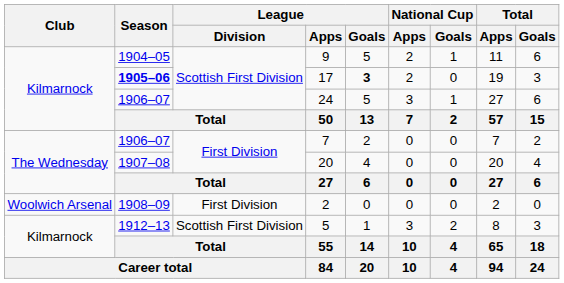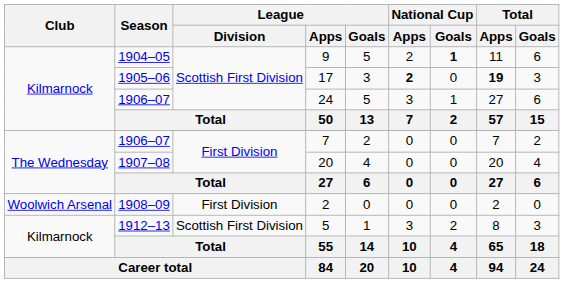 <table class="wikitable" style="text-align: center;">
 <tr>
 <th rowspan="2">Club</th>
 <th rowspan="2">Season</th>
 <th colspan="3">League</th>
 <th colspan="2">National Cup</th>
 <th colspan="2">Total</th>
 </tr>
 <tr>
 <th>Division</th>
 <th>Apps</th>
 <th>Goals</th>
 <th>Apps</th>
 <th>Goals</th>
 <th>Apps</th>
 <th>Goals</th>
 </tr>
 <tr>
 <td rowspan="4"><a href='#'>Kilmarnock</a></td>
 <td><a href='#'>1904–05</a></td>
 <td rowspan="3"><a href='#'>Scottish First Division</a></td>
 <td>9</td>
 <td>5</td>
 <td>2</td>
-<td>1</td>
+<td><strong>1</strong></td>
 <td>11</td>
 <td>6</td>
 </tr>
 <tr>
-<td><strong><a href='#'>1905–06</a></strong></td>
+<td><a href='#'>1905–06</a></td>
 <td>17</td>
-<td><strong>3</strong></td>
-<td>2</td>
+<td>3</td>
+<td><strong>2</strong></td>
 <td>0</td>
-<td>19</td>
+<td><strong>19</strong></td>
 <td>3</td>
 </tr>
 <tr>
 <td><a href='#'>1906–07</a></td>
 <td>24</td>
 <td>5</td>
 <td>3</td>
 <td>1</td>
 <td>27</td>
 <td>6</td>
 </tr>
 <tr>
 <th colspan="2">Total</th>
 <th>50</th>
 <th>13</th>
 <th>7</th>
 <th>2</th>
 <th>57</th>
 <th>15</th>
 </tr>
 <tr>
 <td rowspan="3"><a href='#'>The Wednesday</a></td>
 <td><a href='#'>1906–07</a></td>
 <td rowspan="2"><a href='#'>First Division</a></td>
 <td>7</td>
 <td>2</td>
 <td>0</td>
 <td>0</td>
 <td>7</td>
 <td>2</td>
 </tr>
 <tr>
 <td><a href='#'>1907–08</a></td>
 <td>20</td>
 <td>4</td>
 <td>0</td>
 <td>0</td>
 <td>20</td>
 <td>4</td>
 </tr>
 <tr>
 <th colspan="2">Total</th>
 <th>27</th>
 <th>6</th>
 <th>0</th>
 <th>0</th>
 <th>27</th>
 <th>6</th>
 </tr>
 <tr>
 <td><a href='#'>Woolwich Arsenal</a></td>
 <td><a href='#'>1908–09</a></td>
 <td>First Division</td>
 <td>2</td>
 <td>0</td>
 <td>0</td>
 <td>0</td>
 <td>2</td>
 <td>0</td>
 </tr>
 <tr>
 <td rowspan="2">Kilmarnock</td>
 <td><a href='#'>1912–13</a></td>
 <td>Scottish First Division</td>
 <td>5</td>
 <td>1</td>
 <td>3</td>
 <td>2</td>
 <td>8</td>
 <td>3</td>
 </tr>
 <tr>
 <th colspan="2">Total</th>
 <th>55</th>
 <th>14</th>
 <th>10</th>
 <th>4</th>
 <th>65</th>
 <th>18</th>
 </tr>
 <tr>
 <th colspan="3">Career total</th>
 <th>84</th>
 <th>20</th>
 <th>10</th>
 <th>4</th>
 <th>94</th>
 <th>24</th>
 </tr>
 </table>
